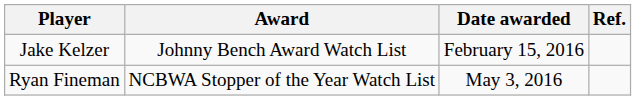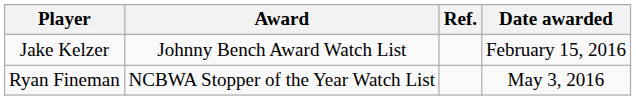 <table class="wikitable sortable sortable" style="text-align: center">
 <tr>
 <th>Player</th>
 <th>Award</th>
+<th>Ref.</th>
 <th>Date awarded</th>
-<th>Ref.</th>
 </tr>
 <tr>
 <td>Jake Kelzer</td>
 <td>Johnny Bench Award Watch List</td>
+<td></td>
 <td>February 15, 2016</td>
-<td></td>
 </tr>
 <tr>
 <td>Ryan Fineman</td>
 <td>NCBWA Stopper of the Year Watch List</td>
+<td></td>
 <td>May 3, 2016</td>
-<td></td>
 </tr>
 </table>
